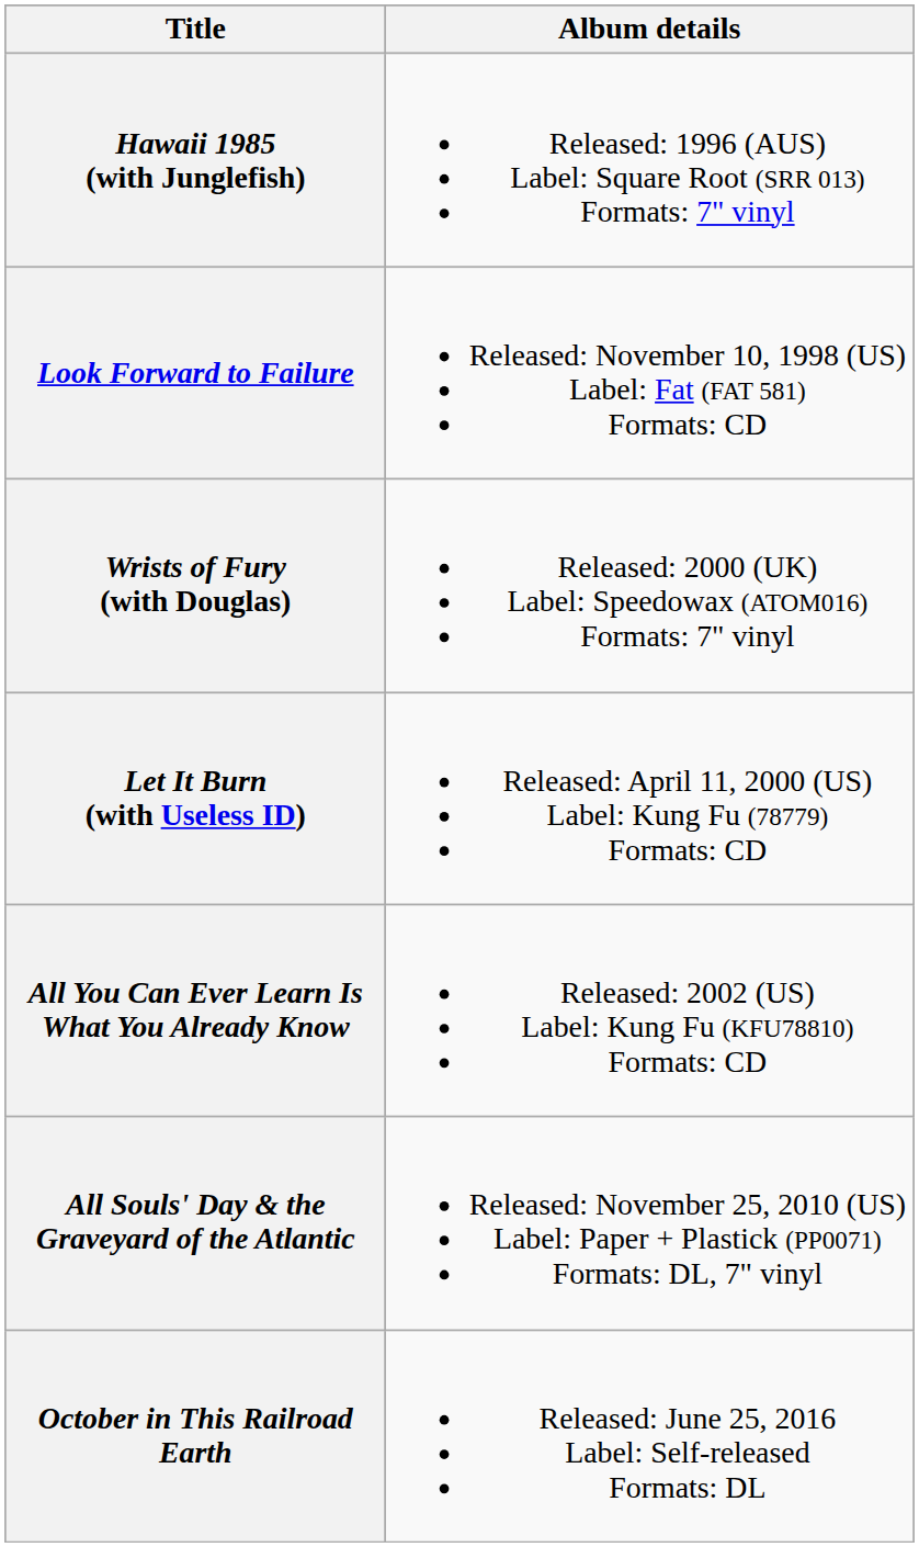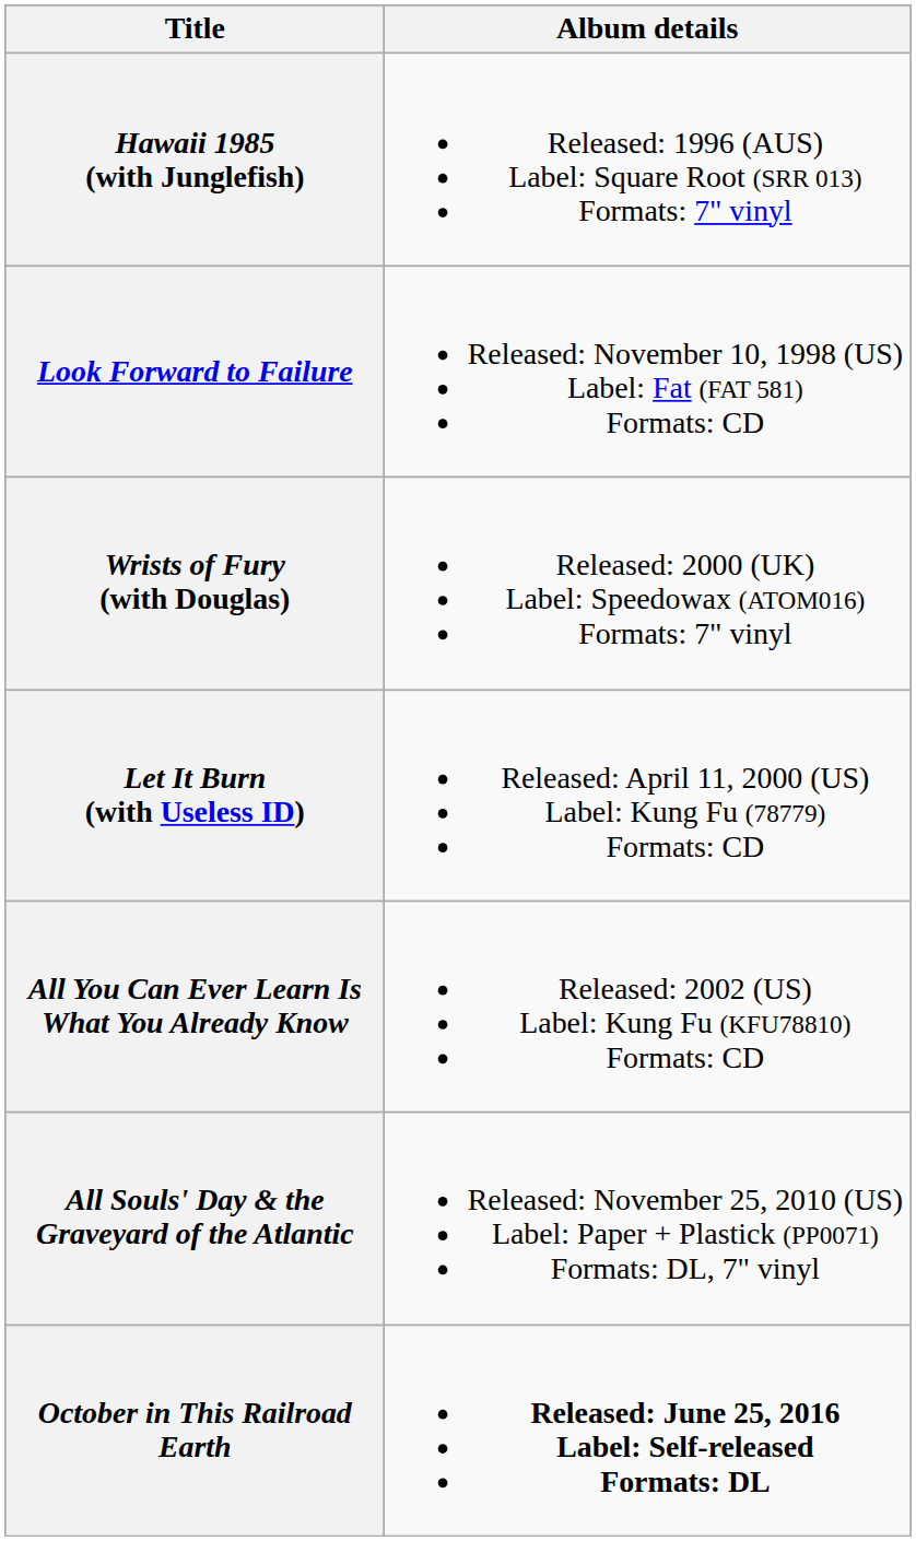 <table class="wikitable plainrowheaders" style="text-align:center;">
 <tr>
 <th scope="col" style="width:12em;">Title</th>
 <th scope="col">Album details</th>
 </tr>
 <tr>
 <th scope="row"><em>Hawaii 1985</em><br><span>(with Junglefish)</span></th>
 <td><br><ul><li>Released: 1996 <span>(AUS)</span></li><li>Label: Square Root <small>(SRR 013)</small></li><li>Formats: <a href='#'>7" vinyl</a></li></ul></td>
 </tr>
 <tr>
 <th scope="row"><em><a href='#'>Look Forward to Failure</a></em></th>
 <td><br><ul><li>Released: November 10, 1998 <span>(US)</span></li><li>Label: <a href='#'>Fat</a> <small>(FAT 581)</small></li><li>Formats: CD</li></ul></td>
 </tr>
 <tr>
 <th scope="row"><em>Wrists of Fury</em><br><span>(with Douglas)</span></th>
 <td><br><ul><li>Released: 2000 <span>(UK)</span></li><li>Label: Speedowax <small>(ATOM016)</small></li><li>Formats: 7" vinyl</li></ul></td>
 </tr>
 <tr>
 <th scope="row"><em>Let It Burn</em><br><span>(with <a href='#'>Useless ID</a>)</span></th>
 <td><br><ul><li>Released: April 11, 2000 <span>(US)</span></li><li>Label: Kung Fu <small>(78779)</small></li><li>Formats: CD</li></ul></td>
 </tr>
 <tr>
 <th scope="row"><em>All You Can Ever Learn Is What You Already Know</em></th>
 <td><br><ul><li>Released: 2002 <span>(US)</span></li><li>Label: Kung Fu <small>(KFU78810)</small></li><li>Formats: CD</li></ul></td>
 </tr>
 <tr>
 <th scope="row"><em>All Souls' Day & the Graveyard of the Atlantic</em></th>
 <td><br><ul><li>Released: November 25, 2010 <span>(US)</span></li><li>Label: Paper + Plastick <small>(PP0071)</small></li><li>Formats: DL, 7" vinyl</li></ul></td>
 </tr>
 <tr>
 <th scope="row"><em>October in This Railroad Earth</em></th>
-<td><br><ul><li>Released: June 25, 2016</li><li>Label: Self-released</li><li>Formats: DL</li></ul></td>
+<td><strong><br><ul><li>Released: June 25, 2016</li><li>Label: Self-released</li><li>Formats: DL</li></ul></strong></td>
 </tr>
 </table>
